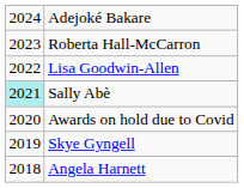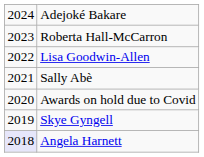 <table class="wikitable">
 <tr>
 <td>2024</td>
 <td>Adejoké Bakare</td>
 </tr>
 <tr>
 <td>2023</td>
 <td>Roberta Hall-McCarron</td>
 </tr>
 <tr>
 <td>2022</td>
 <td><a href='#'>Lisa Goodwin-Allen</a></td>
 </tr>
 <tr>
-<td style="background: paleturquoise;">2021</td>
+<td>2021</td>
 <td>Sally Abè</td>
 </tr>
 <tr>
 <td>2020</td>
 <td>Awards on hold due to Covid</td>
 </tr>
 <tr>
 <td>2019</td>
 <td><a href='#'>Skye Gyngell</a></td>
 </tr>
 <tr>
-<td>2018</td>
+<td style="background: lavender;">2018</td>
 <td><a href='#'>Angela Harnett</a></td>
 </tr>
 </table>
